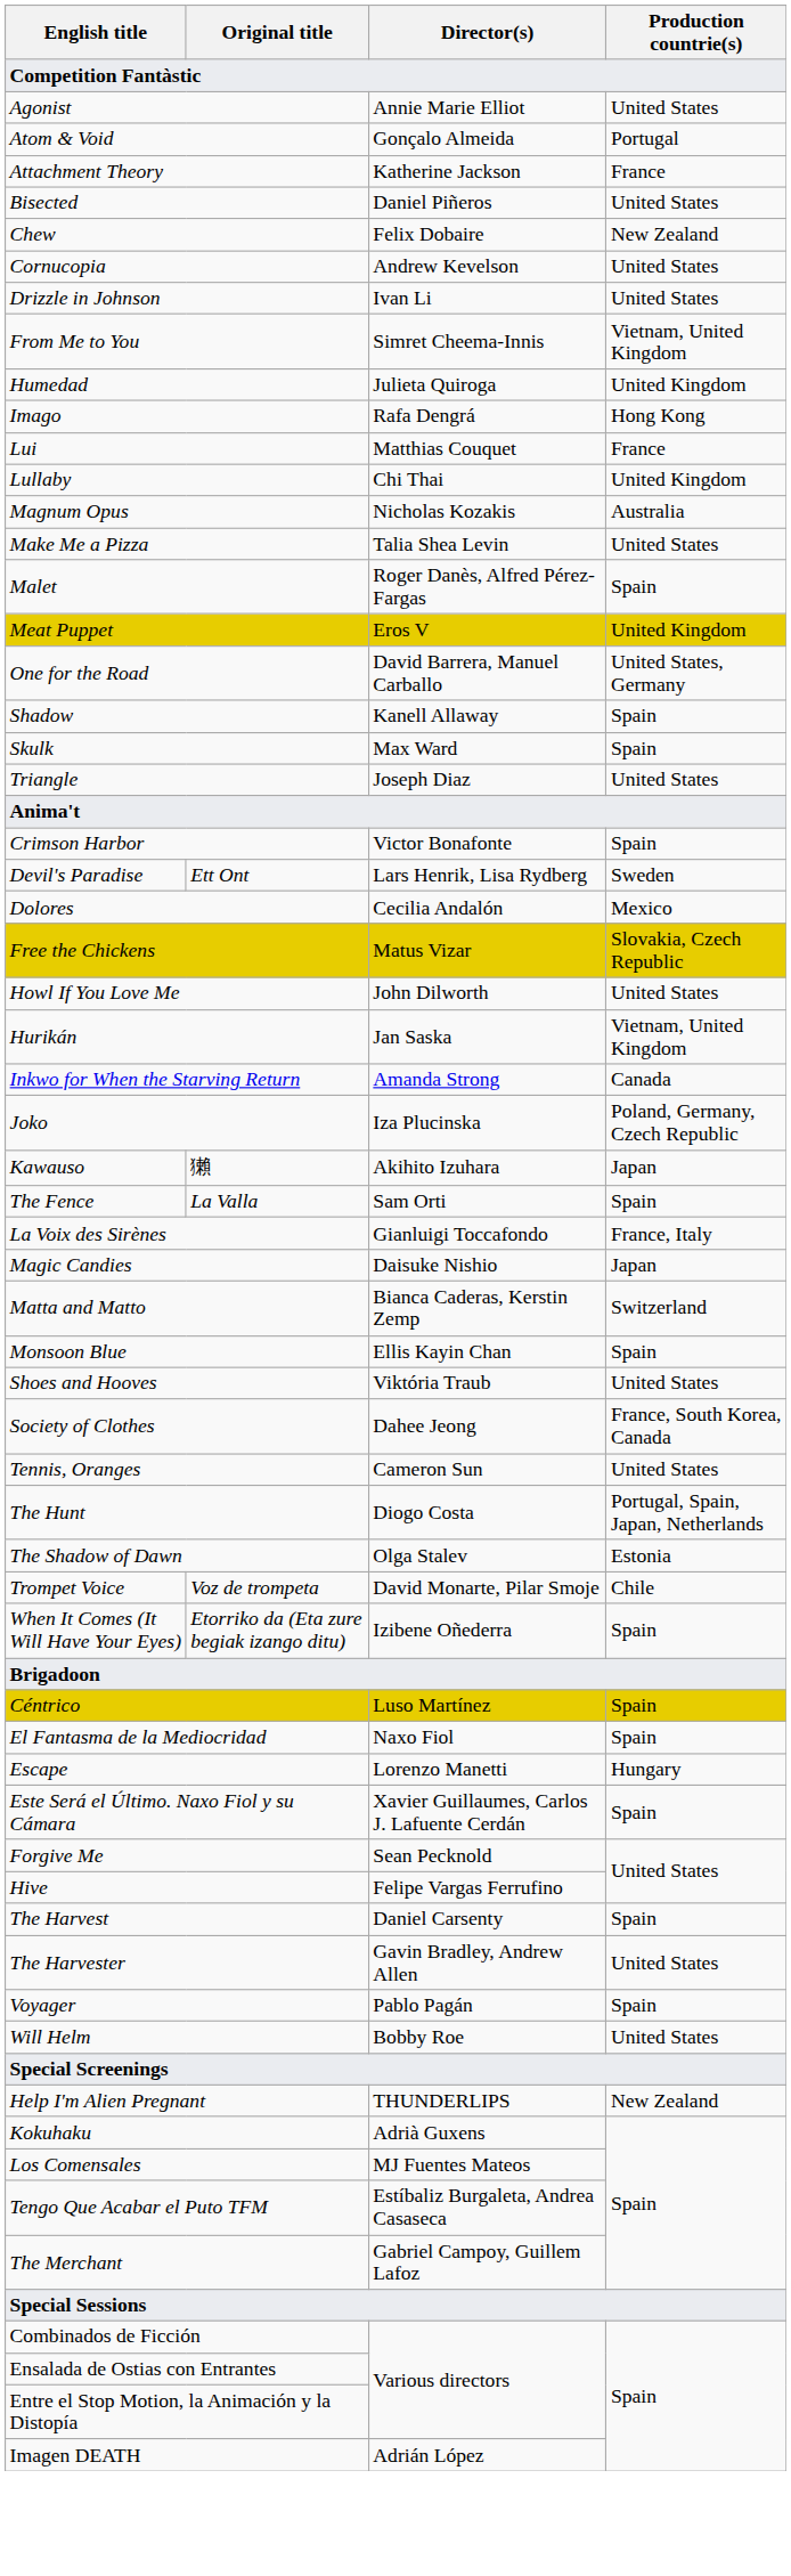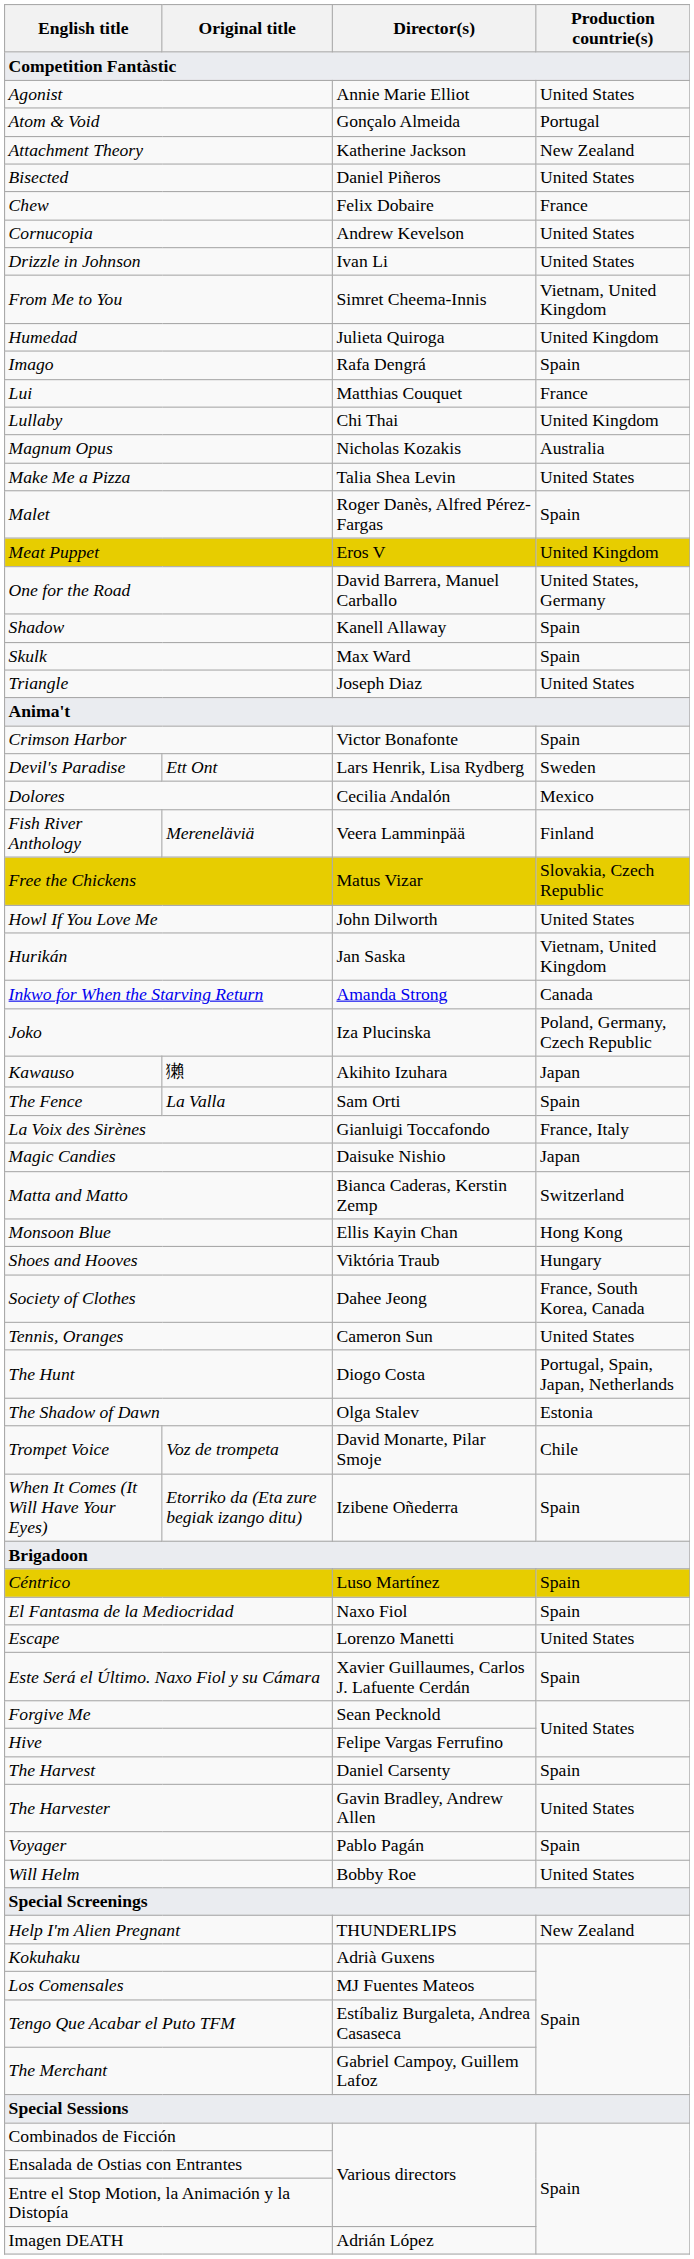 <table class="sortable wikitable" style="width:100%; margin-bottom:4px" cellpadding="5">
 <tr>
 <th scope="col">English title</th>
 <th scope="col">Original title</th>
 <th scope="col">Director(s)</th>
 <th scope="col">Production countrie(s)</th>
 </tr>
 <tr>
 <td colspan=4 class="center" style="padding-center:120px; background-color:#EAECF0"><strong>Competition Fantàstic</strong></td>
 </tr>
 <tr>
 <td colspan="2"><em>Agonist</em></td>
 <td>Annie Marie Elliot</td>
 <td>United States</td>
 </tr>
 <tr>
 <td colspan="2"><em>Atom & Void</em></td>
 <td>Gonçalo Almeida</td>
 <td>Portugal</td>
 </tr>
 <tr>
 <td colspan="2"><em>Attachment Theory</em></td>
 <td>Katherine Jackson</td>
-<td>France</td>
+<td>New Zealand</td>
 </tr>
 <tr>
 <td colspan="2"><em>Bisected</em></td>
 <td>Daniel Piñeros</td>
 <td>United States</td>
 </tr>
 <tr>
 <td colspan="2"><em>Chew</em></td>
 <td>Felix Dobaire</td>
-<td>New Zealand</td>
+<td>France</td>
 </tr>
 <tr>
 <td colspan="2"><em>Cornucopia</em></td>
 <td>Andrew Kevelson</td>
 <td>United States</td>
 </tr>
 <tr>
 <td colspan="2"><em>Drizzle in Johnson</em></td>
 <td>Ivan Li</td>
 <td>United States</td>
 </tr>
 <tr>
 <td colspan="2"><em>From Me to You</em></td>
 <td>Simret Cheema-Innis</td>
 <td>Vietnam, United Kingdom</td>
 </tr>
 <tr>
 <td colspan="2"><em>Humedad</em></td>
 <td>Julieta Quiroga</td>
 <td>United Kingdom</td>
 </tr>
 <tr>
 <td colspan="2"><em>Imago</em></td>
 <td>Rafa Dengrá</td>
-<td>Hong Kong</td>
+<td>Spain</td>
 </tr>
 <tr>
 <td colspan="2"><em>Lui</em></td>
 <td>Matthias Couquet</td>
 <td>France</td>
 </tr>
 <tr>
 <td colspan="2"><em>Lullaby</em></td>
 <td>Chi Thai</td>
 <td>United Kingdom</td>
 </tr>
 <tr>
 <td colspan="2"><em>Magnum Opus</em></td>
 <td>Nicholas Kozakis</td>
 <td>Australia</td>
 </tr>
 <tr>
 <td colspan="2"><em>Make Me a Pizza</em></td>
 <td>Talia Shea Levin</td>
 <td>United States</td>
 </tr>
 <tr>
 <td colspan="2"><em>Malet</em></td>
 <td>Roger Danès, Alfred Pérez-Fargas</td>
 <td>Spain</td>
 </tr>
 <tr style="background:#E7CD00;">
 <td colspan="2"><em>Meat Puppet</em></td>
 <td>Eros V</td>
 <td>United Kingdom</td>
 </tr>
 <tr>
 <td colspan="2"><em>One for the Road</em></td>
 <td>David Barrera, Manuel Carballo</td>
 <td>United States, Germany</td>
 </tr>
 <tr>
 <td colspan="2"><em>Shadow</em></td>
 <td>Kanell Allaway</td>
 <td>Spain</td>
 </tr>
 <tr>
 <td colspan="2"><em>Skulk</em></td>
 <td>Max Ward</td>
 <td>Spain</td>
 </tr>
 <tr>
 <td colspan="2"><em>Triangle</em></td>
 <td>Joseph Diaz</td>
 <td>United States</td>
 </tr>
 <tr>
 <td colspan=4 class="center" style="padding-center:120px; background-color:#EAECF0"><strong>Anima't</strong></td>
 </tr>
 <tr>
 <td colspan="2"><em>Crimson Harbor</em></td>
 <td>Victor Bonafonte</td>
 <td>Spain</td>
 </tr>
 <tr>
 <td><em>Devil's Paradise</em></td>
 <td><em>Ett Ont</em></td>
 <td>Lars Henrik, Lisa Rydberg</td>
 <td>Sweden</td>
 </tr>
 <tr>
 <td colspan="2"><em>Dolores</em></td>
 <td>Cecilia Andalón</td>
 <td>Mexico</td>
 </tr>
+<tr>
+<td><em>Fish River Anthology</em></td>
+<td><em>Mereneläviä</em></td>
+<td>Veera Lamminpää</td>
+<td>Finland</td>
+</tr>
 <tr style="background:#E7CD00;">
 <td colspan="2"><em>Free the Chickens</em></td>
 <td>Matus Vizar</td>
 <td>Slovakia, Czech Republic</td>
 </tr>
 <tr>
 <td colspan="2"><em>Howl If You Love Me</em></td>
 <td>John Dilworth</td>
 <td>United States</td>
 </tr>
 <tr>
 <td colspan="2"><em>Hurikán</em></td>
 <td>Jan Saska</td>
 <td>Vietnam, United Kingdom</td>
 </tr>
 <tr>
 <td colspan="2"><em><a href='#'>Inkwo for When the Starving Return</a></em></td>
 <td><a href='#'>Amanda Strong</a></td>
 <td>Canada</td>
 </tr>
 <tr>
 <td colspan="2"><em>Joko</em></td>
 <td>Iza Plucinska</td>
 <td>Poland, Germany, Czech Republic</td>
 </tr>
 <tr>
 <td><em>Kawauso</em></td>
 <td>獺</td>
 <td>Akihito Izuhara</td>
 <td>Japan</td>
 </tr>
 <tr>
 <td><em>The Fence</em></td>
 <td><em>La Valla</em></td>
 <td>Sam Orti</td>
 <td>Spain</td>
 </tr>
 <tr>
 <td colspan="2"><em>La Voix des Sirènes</em></td>
 <td>Gianluigi Toccafondo</td>
 <td>France, Italy</td>
 </tr>
 <tr>
 <td colspan="2"><em>Magic Candies</em></td>
 <td>Daisuke Nishio</td>
 <td>Japan</td>
 </tr>
 <tr>
 <td colspan="2"><em>Matta and Matto</em></td>
 <td>Bianca Caderas, Kerstin Zemp</td>
 <td>Switzerland</td>
 </tr>
 <tr>
 <td colspan="2"><em>Monsoon Blue</em></td>
 <td>Ellis Kayin Chan</td>
-<td>Spain</td>
+<td>Hong Kong</td>
 </tr>
 <tr>
 <td colspan="2"><em>Shoes and Hooves</em></td>
 <td>Viktória Traub</td>
-<td>United States</td>
+<td>Hungary</td>
 </tr>
 <tr>
 <td colspan="2"><em>Society of Clothes</em></td>
 <td>Dahee Jeong</td>
 <td>France, South Korea, Canada</td>
 </tr>
 <tr>
 <td colspan="2"><em>Tennis, Oranges</em></td>
 <td>Cameron Sun</td>
 <td>United States</td>
 </tr>
 <tr>
 <td colspan="2"><em>The Hunt</em></td>
 <td>Diogo Costa</td>
 <td>Portugal, Spain, Japan, Netherlands</td>
 </tr>
 <tr>
 <td colspan="2"><em>The Shadow of Dawn</em></td>
 <td>Olga Stalev</td>
 <td>Estonia</td>
 </tr>
 <tr>
 <td><em>Trompet Voice</em></td>
 <td><em>Voz de trompeta</em></td>
 <td>David Monarte, Pilar Smoje</td>
 <td>Chile</td>
 </tr>
 <tr>
 <td><em>When It Comes (It Will Have Your Eyes)</em></td>
 <td><em>Etorriko da (Eta zure begiak izango ditu)</em></td>
 <td>Izibene Oñederra</td>
 <td>Spain</td>
 </tr>
 <tr>
 <td colspan=4 class="center" style="padding-center:120px; background-color:#EAECF0"><strong>Brigadoon</strong></td>
 </tr>
 <tr style="background:#E7CD00;">
 <td colspan="2"><em>Céntrico</em></td>
 <td>Luso Martínez</td>
 <td>Spain</td>
 </tr>
 <tr>
 <td colspan="2"><em>El Fantasma de la Mediocridad</em></td>
 <td>Naxo Fiol</td>
 <td>Spain</td>
 </tr>
 <tr>
 <td colspan="2"><em>Escape</em></td>
 <td>Lorenzo Manetti</td>
-<td>Hungary</td>
+<td>United States</td>
 </tr>
 <tr>
 <td colspan="2"><em>Este Será el Último. Naxo Fiol y su Cámara</em></td>
 <td>Xavier Guillaumes, Carlos J. Lafuente Cerdán</td>
 <td>Spain</td>
 </tr>
 <tr>
 <td colspan="2"><em>Forgive Me</em></td>
 <td>Sean Pecknold</td>
 <td rowspan="2">United States</td>
 </tr>
 <tr>
 <td colspan="2"><em>Hive</em></td>
 <td>Felipe Vargas Ferrufino</td>
 </tr>
 <tr>
 <td colspan="2"><em>The Harvest</em></td>
 <td>Daniel Carsenty</td>
 <td>Spain</td>
 </tr>
 <tr>
 <td colspan="2"><em>The Harvester</em></td>
 <td>Gavin Bradley, Andrew Allen</td>
 <td>United States</td>
 </tr>
 <tr>
 <td colspan="2"><em>Voyager</em></td>
 <td>Pablo Pagán</td>
 <td>Spain</td>
 </tr>
 <tr>
 <td colspan="2"><em>Will Helm</em></td>
 <td>Bobby Roe</td>
 <td>United States</td>
 </tr>
 <tr>
 <td colspan=4 class="center" style="padding-center:120px; background-color:#EAECF0"><strong>Special Screenings</strong></td>
 </tr>
 <tr>
 <td colspan="2"><em>Help I'm Alien Pregnant</em></td>
 <td>THUNDERLIPS</td>
 <td>New Zealand</td>
 </tr>
 <tr>
 <td colspan="2"><em>Kokuhaku</em></td>
 <td>Adrià Guxens</td>
 <td rowspan="4">Spain</td>
 </tr>
 <tr>
 <td colspan="2"><em>Los Comensales</em></td>
 <td>MJ Fuentes Mateos</td>
 </tr>
 <tr>
 <td colspan="2"><em>Tengo Que Acabar el Puto TFM</em></td>
 <td>Estíbaliz Burgaleta, Andrea Casaseca</td>
 </tr>
 <tr>
 <td colspan="2"><em>The Merchant</em></td>
 <td>Gabriel Campoy, Guillem Lafoz</td>
 </tr>
 <tr>
 <td colspan=4 class="center" style="padding-center:120px; background-color:#EAECF0"><strong>Special Sessions</strong></td>
 </tr>
 <tr>
 <td colspan="2">Combinados de Ficción </td>
 <td rowspan="3">Various directors</td>
 <td rowspan="4">Spain</td>
 </tr>
 <tr>
 <td colspan="2">Ensalada de Ostias con Entrantes </td>
 </tr>
 <tr>
 <td colspan="2">Entre el Stop Motion, la Animación y la Distopía </td>
 </tr>
 <tr>
 <td colspan="2">Imagen DEATH </td>
 <td>Adrián López</td>
 </tr>
 </table>
